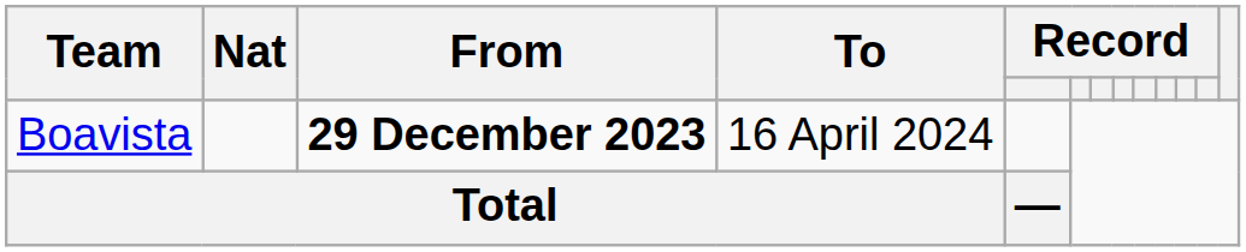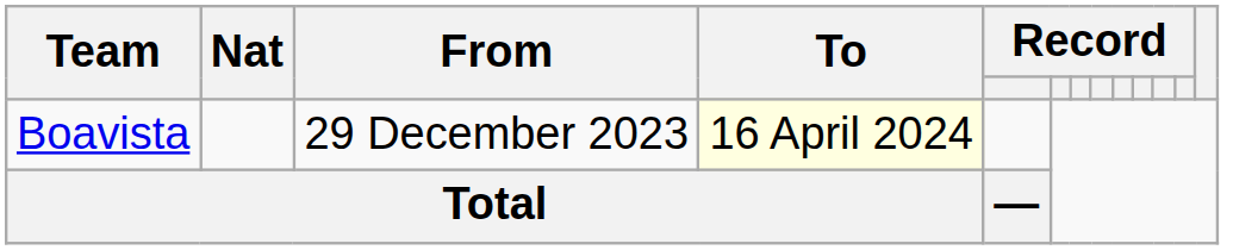 <table class="wikitable" style="text-align: center">
 <tr>
 <th rowspan="2">Team</th>
 <th rowspan="2">Nat</th>
 <th rowspan="2">From</th>
 <th rowspan="2">To</th>
 <th colspan="8">Record</th>
 <th rowspan=2></th>
 </tr>
 <tr>
 <th></th>
 <th></th>
 <th></th>
 <th></th>
 <th></th>
 <th></th>
 <th></th>
 <th></th>
 </tr>
 <tr>
 <td align=left><a href='#'>Boavista</a></td>
 <td></td>
-<td align=left><strong>29 December 2023</strong></td>
-<td align=left>16 April 2024<br></td>
+<td align=left>29 December 2023</td>
+<td align=left style="background: lightyellow;">16 April 2024<br></td>
 <td></td>
 </tr>
 <tr>
 <th colspan="4">Total<br></th>
 <th>—</th>
 </tr>
 </table>
